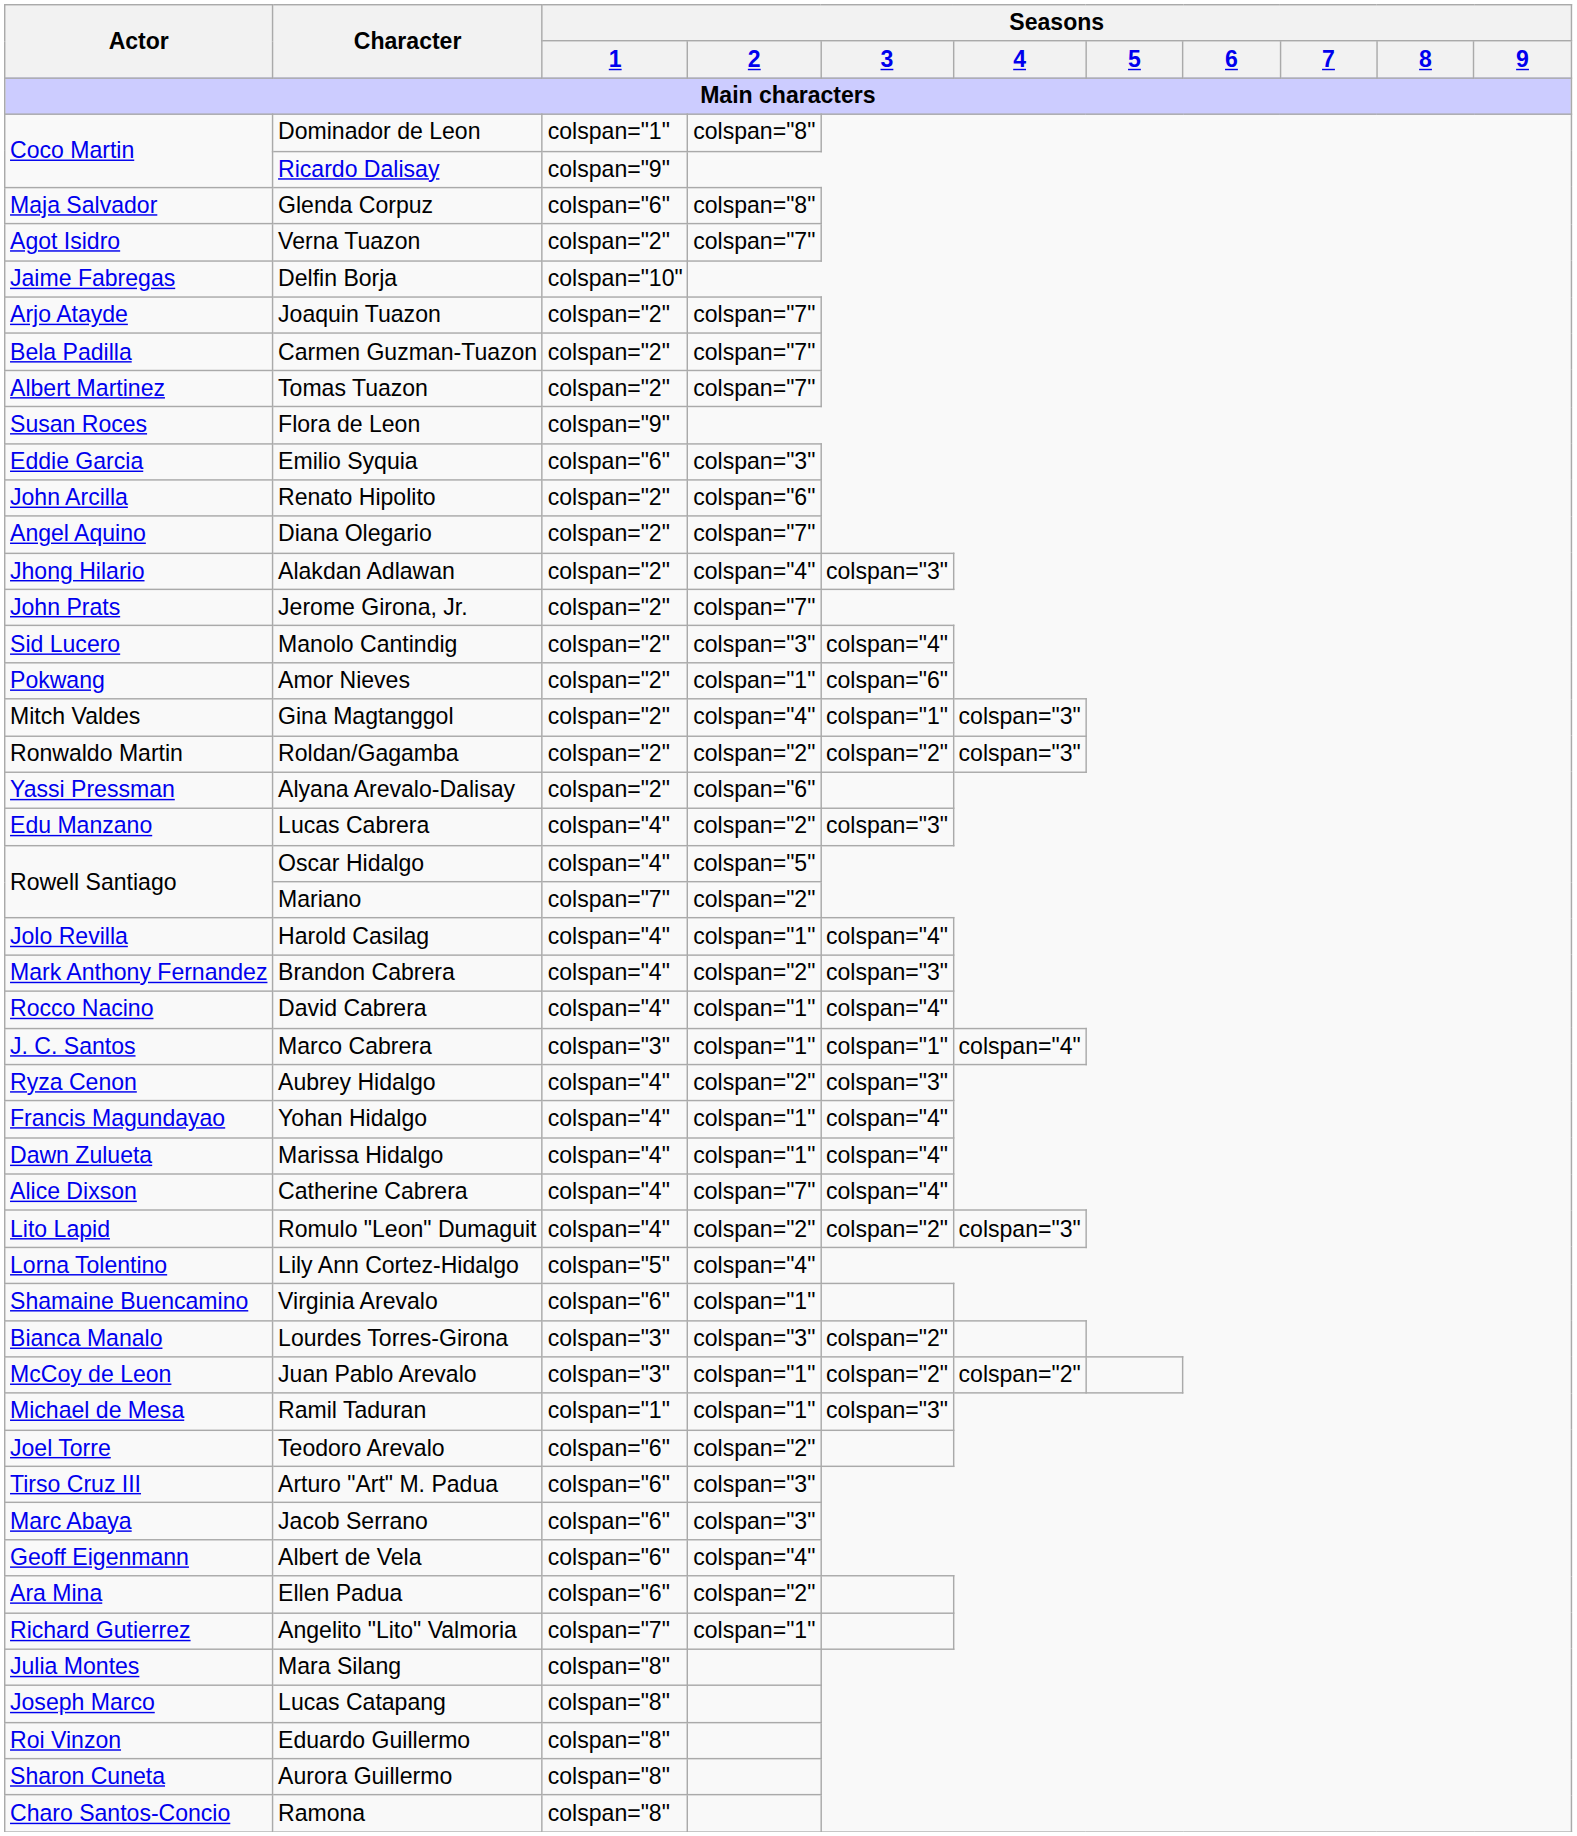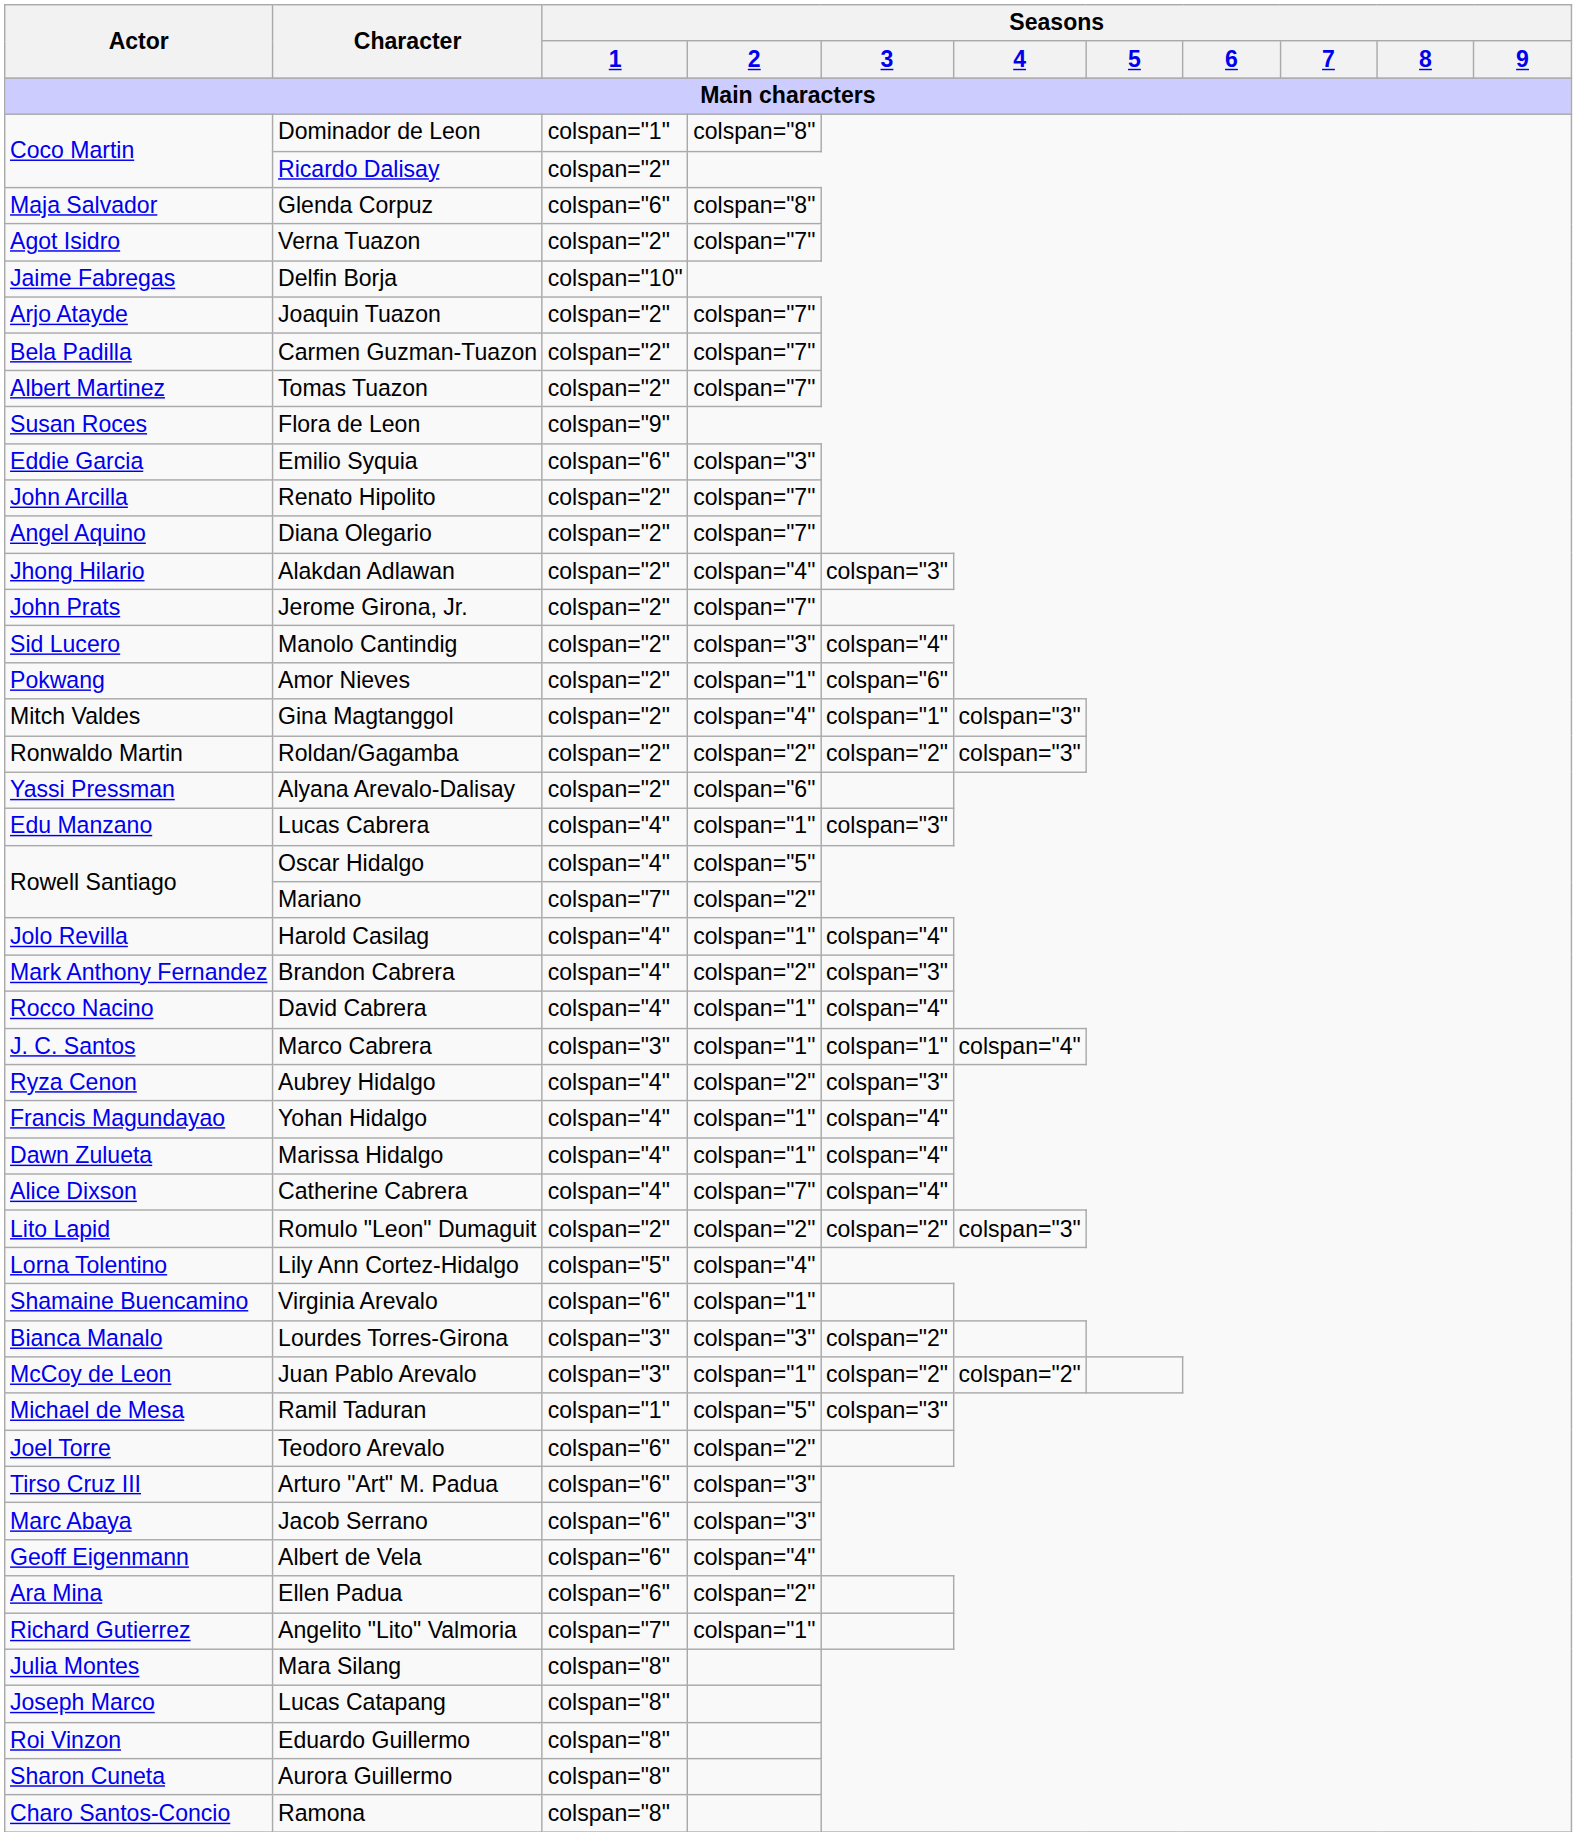 <table class="wikitable">
 <tr>
 <th rowspan="2">Actor</th>
 <th rowspan="2">Character</th>
 <th colspan="10">Seasons</th>
 </tr>
 <tr>
 <th style="width:60px;"><a href='#'>1</a></th>
 <th style="width:60px;"><a href='#'>2</a></th>
 <th style="width:60px;"><a href='#'>3</a></th>
 <th style="width:60px;"><a href='#'>4</a></th>
 <th style="width:60px;"><a href='#'>5</a></th>
 <th style="width:60px;"><a href='#'>6</a></th>
 <th style="width:60px;"><a href='#'>7</a></th>
 <th style="width:60px;"><a href='#'>8</a></th>
 <th style="width:60px;"><a href='#'>9</a></th>
 </tr>
 <tr>
 <th colspan="11" style="background:#ccf;"><strong>Main characters</strong></th>
 </tr>
 <tr>
 <td rowspan="2"><a href='#'>Coco Martin</a></td>
 <td>Dominador de Leon</td>
 <td>colspan="1" </td>
 <td>colspan="8" </td>
 </tr>
 <tr>
 <td><a href='#'>Ricardo Dalisay</a></td>
-<td>colspan="9" </td>
+<td>colspan="2" </td>
 </tr>
 <tr>
 <td><a href='#'>Maja Salvador</a></td>
 <td>Glenda Corpuz</td>
 <td>colspan="6" </td>
 <td>colspan="8" </td>
 </tr>
 <tr>
 <td><a href='#'>Agot Isidro</a></td>
 <td>Verna Tuazon</td>
 <td>colspan="2" </td>
 <td>colspan="7" </td>
 </tr>
 <tr>
 <td><a href='#'>Jaime Fabregas</a></td>
 <td>Delfin Borja</td>
 <td>colspan="10" </td>
 </tr>
 <tr>
 <td><a href='#'>Arjo Atayde</a></td>
 <td>Joaquin Tuazon</td>
 <td>colspan="2" </td>
 <td>colspan="7" </td>
 </tr>
 <tr>
 <td><a href='#'>Bela Padilla</a></td>
 <td>Carmen Guzman-Tuazon</td>
 <td>colspan="2" </td>
 <td>colspan="7" </td>
 </tr>
 <tr>
 <td><a href='#'>Albert Martinez</a></td>
 <td>Tomas Tuazon</td>
 <td>colspan="2" </td>
 <td>colspan="7" </td>
 </tr>
 <tr>
 <td><a href='#'>Susan Roces</a></td>
 <td>Flora de Leon</td>
 <td>colspan="9" </td>
 </tr>
 <tr>
 <td><a href='#'>Eddie Garcia</a></td>
 <td>Emilio Syquia</td>
 <td>colspan="6" </td>
 <td>colspan="3" </td>
 </tr>
 <tr>
 <td><a href='#'>John Arcilla</a></td>
 <td>Renato Hipolito</td>
 <td>colspan="2" </td>
-<td>colspan="6" </td>
+<td>colspan="7" </td>
 </tr>
 <tr>
 <td><a href='#'>Angel Aquino</a></td>
 <td>Diana Olegario</td>
 <td>colspan="2" </td>
 <td>colspan="7" </td>
 </tr>
 <tr>
 <td><a href='#'>Jhong Hilario</a></td>
 <td>Alakdan Adlawan</td>
 <td>colspan="2" </td>
 <td>colspan="4" </td>
 <td>colspan="3" </td>
 </tr>
 <tr>
 <td><a href='#'>John Prats</a></td>
 <td>Jerome Girona, Jr.</td>
 <td>colspan="2" </td>
 <td>colspan="7" </td>
 </tr>
 <tr>
 <td><a href='#'>Sid Lucero</a></td>
 <td>Manolo Cantindig</td>
 <td>colspan="2" </td>
 <td>colspan="3" </td>
 <td>colspan="4" </td>
 </tr>
 <tr>
 <td><a href='#'>Pokwang</a></td>
 <td>Amor Nieves</td>
 <td>colspan="2" </td>
 <td>colspan="1" </td>
 <td>colspan="6" </td>
 </tr>
 <tr>
 <td>Mitch Valdes</td>
 <td>Gina Magtanggol</td>
 <td>colspan="2" </td>
 <td>colspan="4" </td>
 <td>colspan="1" </td>
 <td>colspan="3" </td>
 </tr>
 <tr>
 <td>Ronwaldo Martin</td>
 <td>Roldan/Gagamba</td>
 <td>colspan="2" </td>
 <td>colspan="2" </td>
 <td>colspan="2" </td>
 <td>colspan="3" </td>
 </tr>
 <tr>
 <td><a href='#'>Yassi Pressman</a></td>
 <td>Alyana Arevalo-Dalisay</td>
 <td>colspan="2" </td>
 <td>colspan="6" </td>
 <td></td>
 </tr>
 <tr>
 <td><a href='#'>Edu Manzano</a></td>
 <td>Lucas Cabrera</td>
 <td>colspan="4" </td>
-<td>colspan="2" </td>
+<td>colspan="1" </td>
 <td>colspan="3" </td>
 </tr>
 <tr>
 <td rowspan="2">Rowell Santiago</td>
 <td>Oscar Hidalgo</td>
 <td>colspan="4" </td>
 <td>colspan="5" </td>
 </tr>
 <tr>
 <td>Mariano</td>
 <td>colspan="7" </td>
 <td>colspan="2" </td>
 </tr>
 <tr>
 <td><a href='#'>Jolo Revilla</a></td>
 <td>Harold Casilag</td>
 <td>colspan="4" </td>
 <td>colspan="1" </td>
 <td>colspan="4" </td>
 </tr>
 <tr>
 <td><a href='#'>Mark Anthony Fernandez</a></td>
 <td>Brandon Cabrera</td>
 <td>colspan="4" </td>
 <td>colspan="2" </td>
 <td>colspan="3" </td>
 </tr>
 <tr>
 <td><a href='#'>Rocco Nacino</a></td>
 <td>David Cabrera</td>
 <td>colspan="4" </td>
 <td>colspan="1" </td>
 <td>colspan="4" </td>
 </tr>
 <tr>
 <td><a href='#'>J. C. Santos</a></td>
 <td>Marco Cabrera</td>
 <td>colspan="3" </td>
 <td>colspan="1" </td>
 <td>colspan="1" </td>
 <td>colspan="4" </td>
 </tr>
 <tr>
 <td><a href='#'>Ryza Cenon</a></td>
 <td>Aubrey Hidalgo</td>
 <td>colspan="4" </td>
 <td>colspan="2" </td>
 <td>colspan="3" </td>
 </tr>
 <tr>
 <td><a href='#'>Francis Magundayao</a></td>
 <td>Yohan Hidalgo</td>
 <td>colspan="4" </td>
 <td>colspan="1" </td>
 <td>colspan="4" </td>
 </tr>
 <tr>
 <td><a href='#'>Dawn Zulueta</a></td>
 <td>Marissa Hidalgo</td>
 <td>colspan="4" </td>
 <td>colspan="1" </td>
 <td>colspan="4" </td>
 </tr>
 <tr>
 <td><a href='#'>Alice Dixson</a></td>
 <td>Catherine Cabrera</td>
 <td>colspan="4" </td>
 <td>colspan="7" </td>
 <td>colspan="4" </td>
 </tr>
 <tr>
 <td><a href='#'>Lito Lapid</a></td>
 <td>Romulo "Leon" Dumaguit</td>
-<td>colspan="4" </td>
+<td>colspan="2" </td>
 <td>colspan="2" </td>
 <td>colspan="2" </td>
 <td>colspan="3" </td>
 </tr>
 <tr>
 <td><a href='#'>Lorna Tolentino</a></td>
 <td>Lily Ann Cortez-Hidalgo</td>
 <td>colspan="5" </td>
 <td>colspan="4" </td>
 </tr>
 <tr>
 <td><a href='#'>Shamaine Buencamino</a></td>
 <td>Virginia Arevalo</td>
 <td>colspan="6" </td>
 <td>colspan="1" </td>
 <td></td>
 </tr>
 <tr>
 <td><a href='#'>Bianca Manalo</a></td>
 <td>Lourdes Torres-Girona</td>
 <td>colspan="3" </td>
 <td>colspan="3" </td>
 <td>colspan="2" </td>
 <td></td>
 </tr>
 <tr>
 <td><a href='#'>McCoy de Leon</a></td>
 <td>Juan Pablo Arevalo</td>
 <td>colspan="3" </td>
 <td>colspan="1" </td>
 <td>colspan="2" </td>
 <td>colspan="2" </td>
 <td></td>
 </tr>
 <tr>
 <td><a href='#'>Michael de Mesa</a></td>
 <td>Ramil Taduran</td>
 <td>colspan="1" </td>
-<td>colspan="1" </td>
+<td>colspan="5" </td>
 <td>colspan="3" </td>
 </tr>
 <tr>
 <td><a href='#'>Joel Torre</a></td>
 <td>Teodoro Arevalo</td>
 <td>colspan="6" </td>
 <td>colspan="2" </td>
 <td></td>
 </tr>
 <tr>
 <td><a href='#'>Tirso Cruz III</a></td>
 <td>Arturo "Art" M. Padua</td>
 <td>colspan="6" </td>
 <td>colspan="3" </td>
 </tr>
 <tr>
 <td><a href='#'>Marc Abaya</a></td>
 <td>Jacob Serrano</td>
 <td>colspan="6" </td>
 <td>colspan="3" </td>
 </tr>
 <tr>
 <td><a href='#'>Geoff Eigenmann</a></td>
 <td>Albert de Vela</td>
 <td>colspan="6" </td>
 <td>colspan="4" </td>
 </tr>
 <tr>
 <td><a href='#'>Ara Mina</a></td>
 <td>Ellen Padua</td>
 <td>colspan="6" </td>
 <td>colspan="2" </td>
 <td></td>
 </tr>
 <tr>
 <td><a href='#'>Richard Gutierrez</a></td>
 <td>Angelito "Lito" Valmoria</td>
 <td>colspan="7" </td>
 <td>colspan="1" </td>
 <td></td>
 </tr>
 <tr>
 <td><a href='#'>Julia Montes</a></td>
 <td>Mara Silang</td>
 <td>colspan="8" </td>
 <td></td>
 </tr>
 <tr>
 <td><a href='#'>Joseph Marco</a></td>
 <td>Lucas Catapang</td>
 <td>colspan="8" </td>
 <td></td>
 </tr>
 <tr>
 <td><a href='#'>Roi Vinzon</a></td>
 <td>Eduardo Guillermo</td>
 <td>colspan="8" </td>
 <td></td>
 </tr>
 <tr>
 <td><a href='#'>Sharon Cuneta</a></td>
 <td>Aurora Guillermo</td>
 <td>colspan="8" </td>
 <td></td>
 </tr>
 <tr>
 <td><a href='#'>Charo Santos-Concio</a></td>
 <td>Ramona</td>
 <td>colspan="8" </td>
 <td></td>
 </tr>
 </table>
